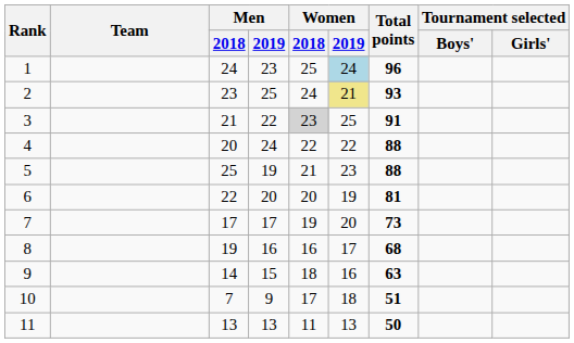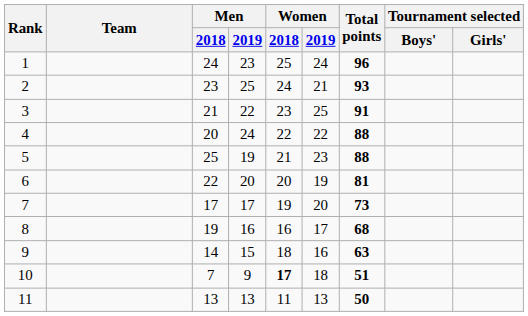 <table class="wikitable" style="text-align:center;">
 <tr>
 <th rowspan=2>Rank</th>
 <th rowspan=2 width=150>Team</th>
 <th colspan=2>Men</th>
 <th colspan=2>Women</th>
 <th rowspan=2>Total<br>points</th>
 <th colspan=2>Tournament selected</th>
 </tr>
 <tr>
 <th><a href='#'>2018</a></th>
 <th><a href='#'>2019</a></th>
 <th><a href='#'>2018</a></th>
 <th><a href='#'>2019</a></th>
 <th>Boys'</th>
 <th>Girls'</th>
 </tr>
 <tr>
 <td>1</td>
 <td align=left></td>
 <td>24</td>
 <td>23</td>
 <td>25</td>
-<td style="background: lightblue;">24</td>
+<td>24</td>
 <td><strong>96</strong></td>
 <td></td>
 <td></td>
 </tr>
 <tr>
 <td>2</td>
 <td align=left></td>
 <td>23</td>
 <td>25</td>
 <td>24</td>
-<td style="background: khaki;">21</td>
+<td>21</td>
 <td><strong>93</strong></td>
 <td></td>
 <td></td>
 </tr>
 <tr>
 <td>3</td>
 <td align=left></td>
 <td>21</td>
 <td>22</td>
-<td style="background: lightgrey;">23</td>
+<td>23</td>
 <td>25</td>
 <td><strong>91</strong></td>
 <td></td>
 <td></td>
 </tr>
 <tr>
 <td>4</td>
 <td align=left></td>
 <td>20</td>
 <td>24</td>
 <td>22</td>
 <td>22</td>
 <td><strong>88</strong></td>
 <td></td>
 <td></td>
 </tr>
 <tr>
 <td>5</td>
 <td align=left></td>
 <td>25</td>
 <td>19</td>
 <td>21</td>
 <td>23</td>
 <td><strong>88</strong></td>
 <td></td>
 <td></td>
 </tr>
 <tr>
 <td>6</td>
 <td align=left></td>
 <td>22</td>
 <td>20</td>
 <td>20</td>
 <td>19</td>
 <td><strong>81</strong></td>
 <td></td>
 <td></td>
 </tr>
 <tr>
 <td>7</td>
 <td align=left></td>
 <td>17</td>
 <td>17</td>
 <td>19</td>
 <td>20</td>
 <td><strong>73</strong></td>
 <td></td>
 <td></td>
 </tr>
 <tr>
 <td>8</td>
 <td align=left></td>
 <td>19</td>
 <td>16</td>
 <td>16</td>
 <td>17</td>
 <td><strong>68</strong></td>
 <td></td>
 <td></td>
 </tr>
 <tr>
 <td>9</td>
 <td align=left></td>
 <td>14</td>
 <td>15</td>
 <td>18</td>
 <td>16</td>
 <td><strong>63</strong></td>
 <td></td>
 <td></td>
 </tr>
 <tr>
 <td>10</td>
 <td align=left></td>
 <td>7</td>
 <td>9</td>
-<td>17</td>
+<td><strong>17</strong></td>
 <td>18</td>
 <td><strong>51</strong></td>
 <td></td>
 <td></td>
 </tr>
 <tr>
 <td>11</td>
 <td align=left></td>
 <td>13</td>
 <td>13</td>
 <td>11</td>
 <td>13</td>
 <td><strong>50</strong></td>
 <td></td>
 <td></td>
 </tr>
 </table>
